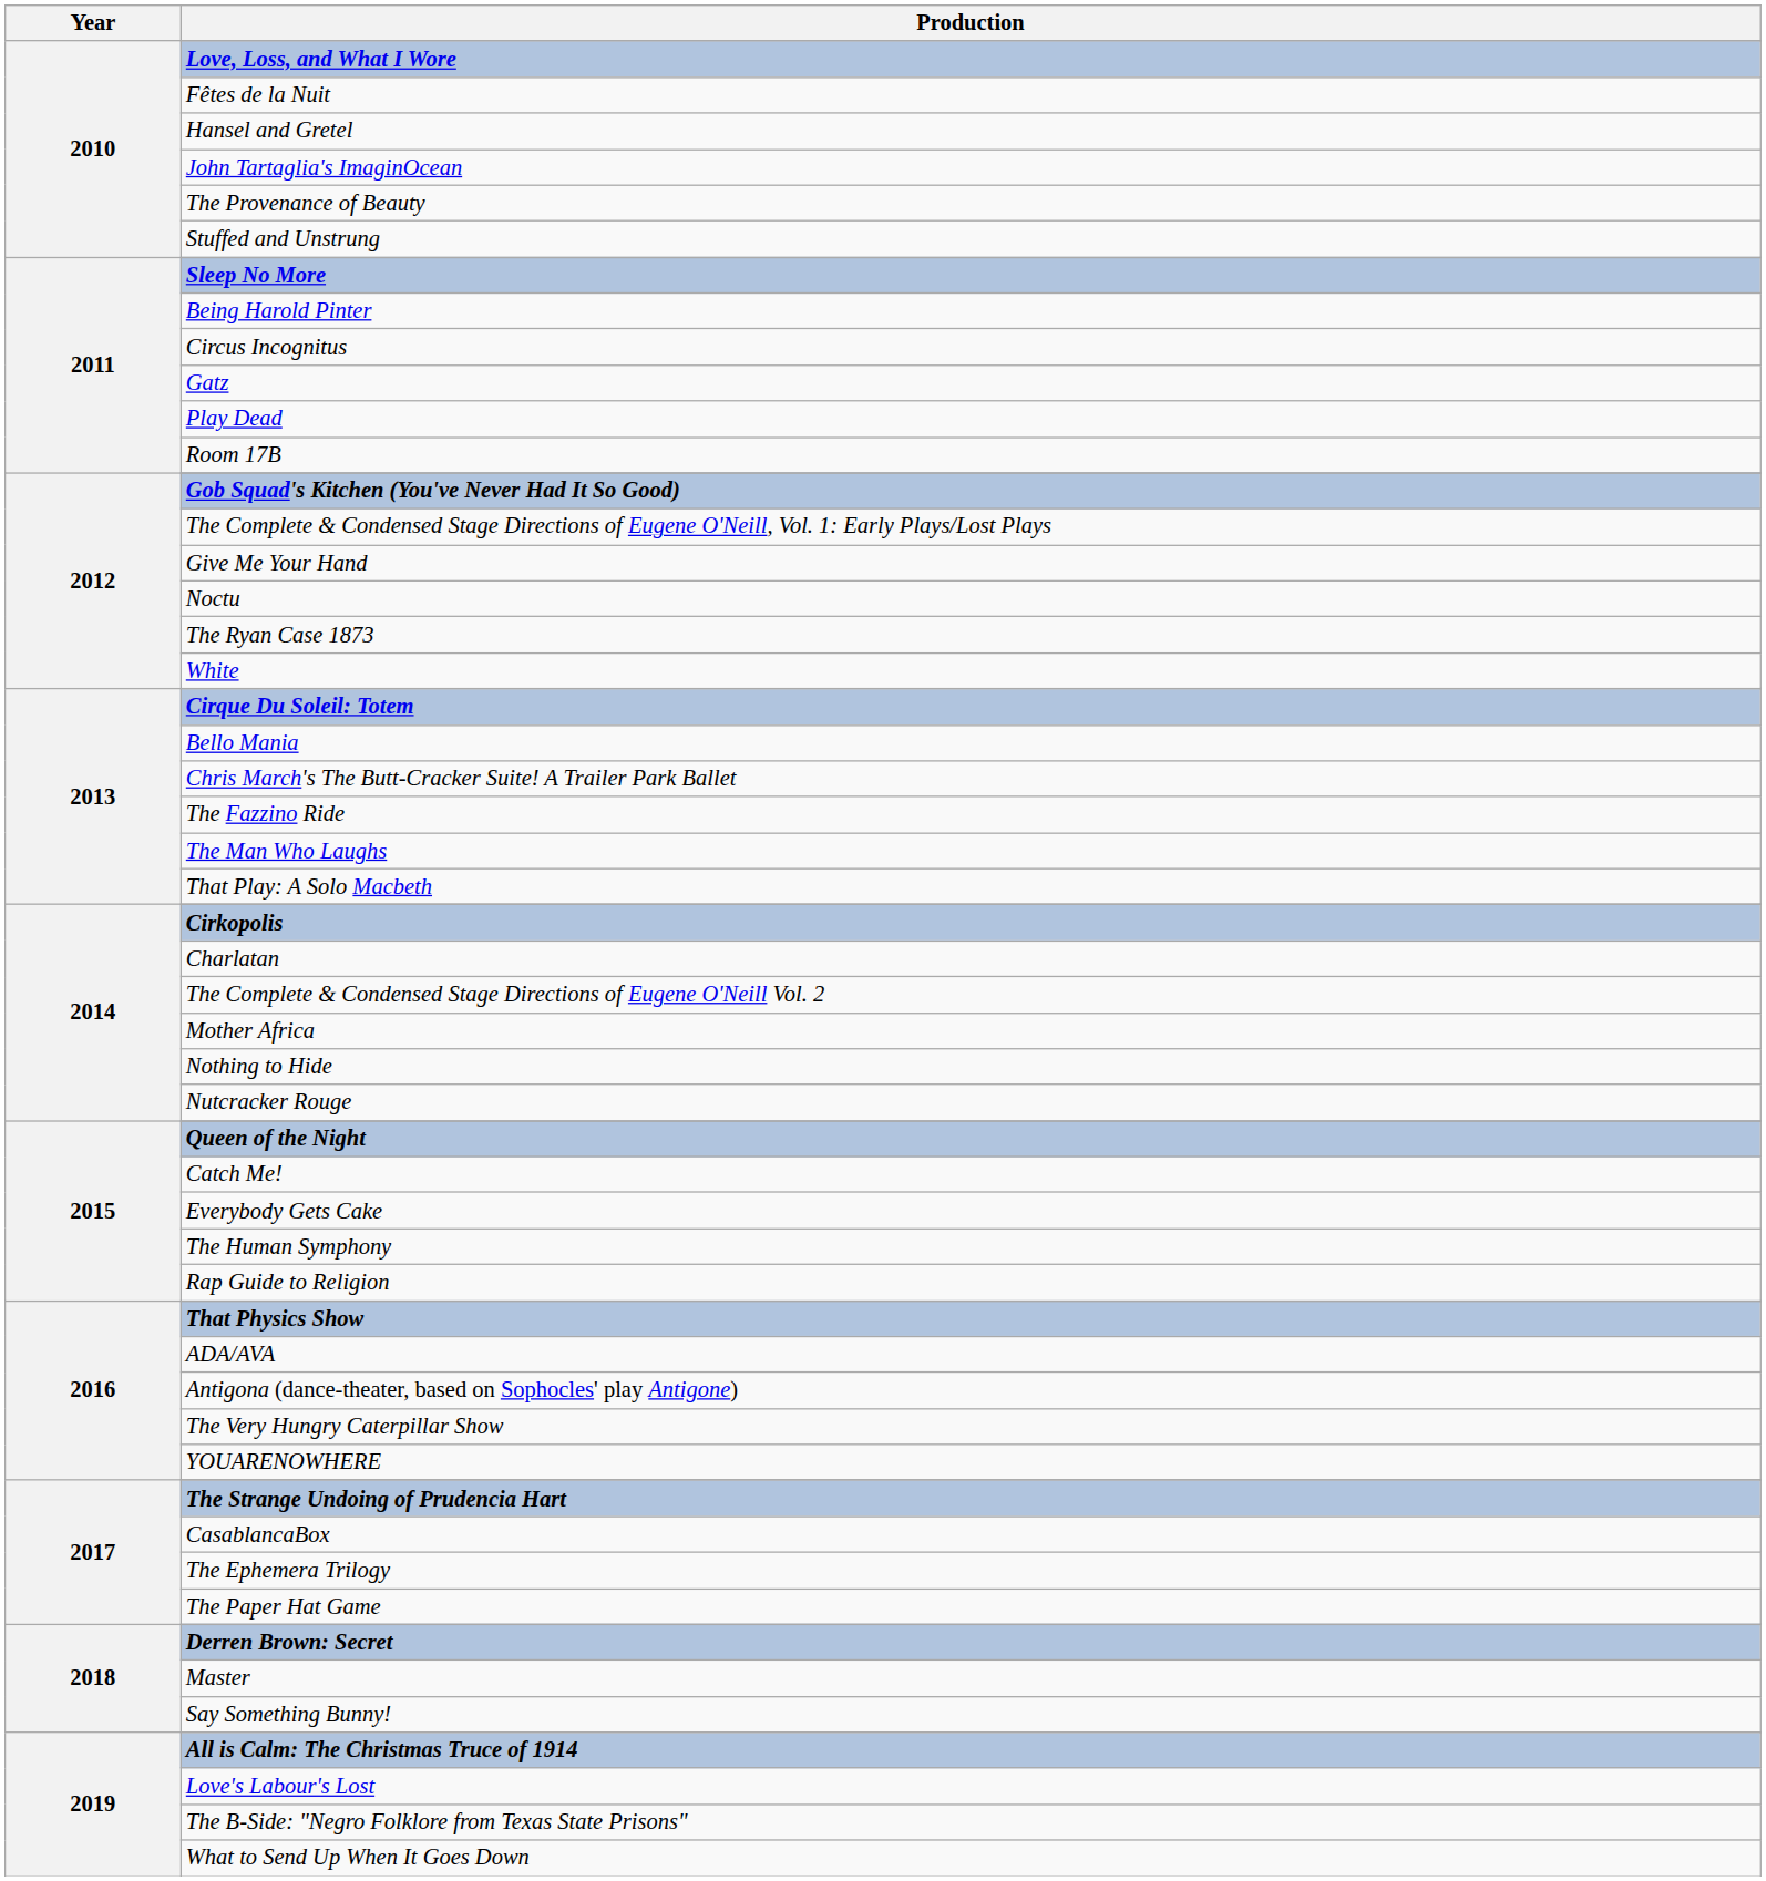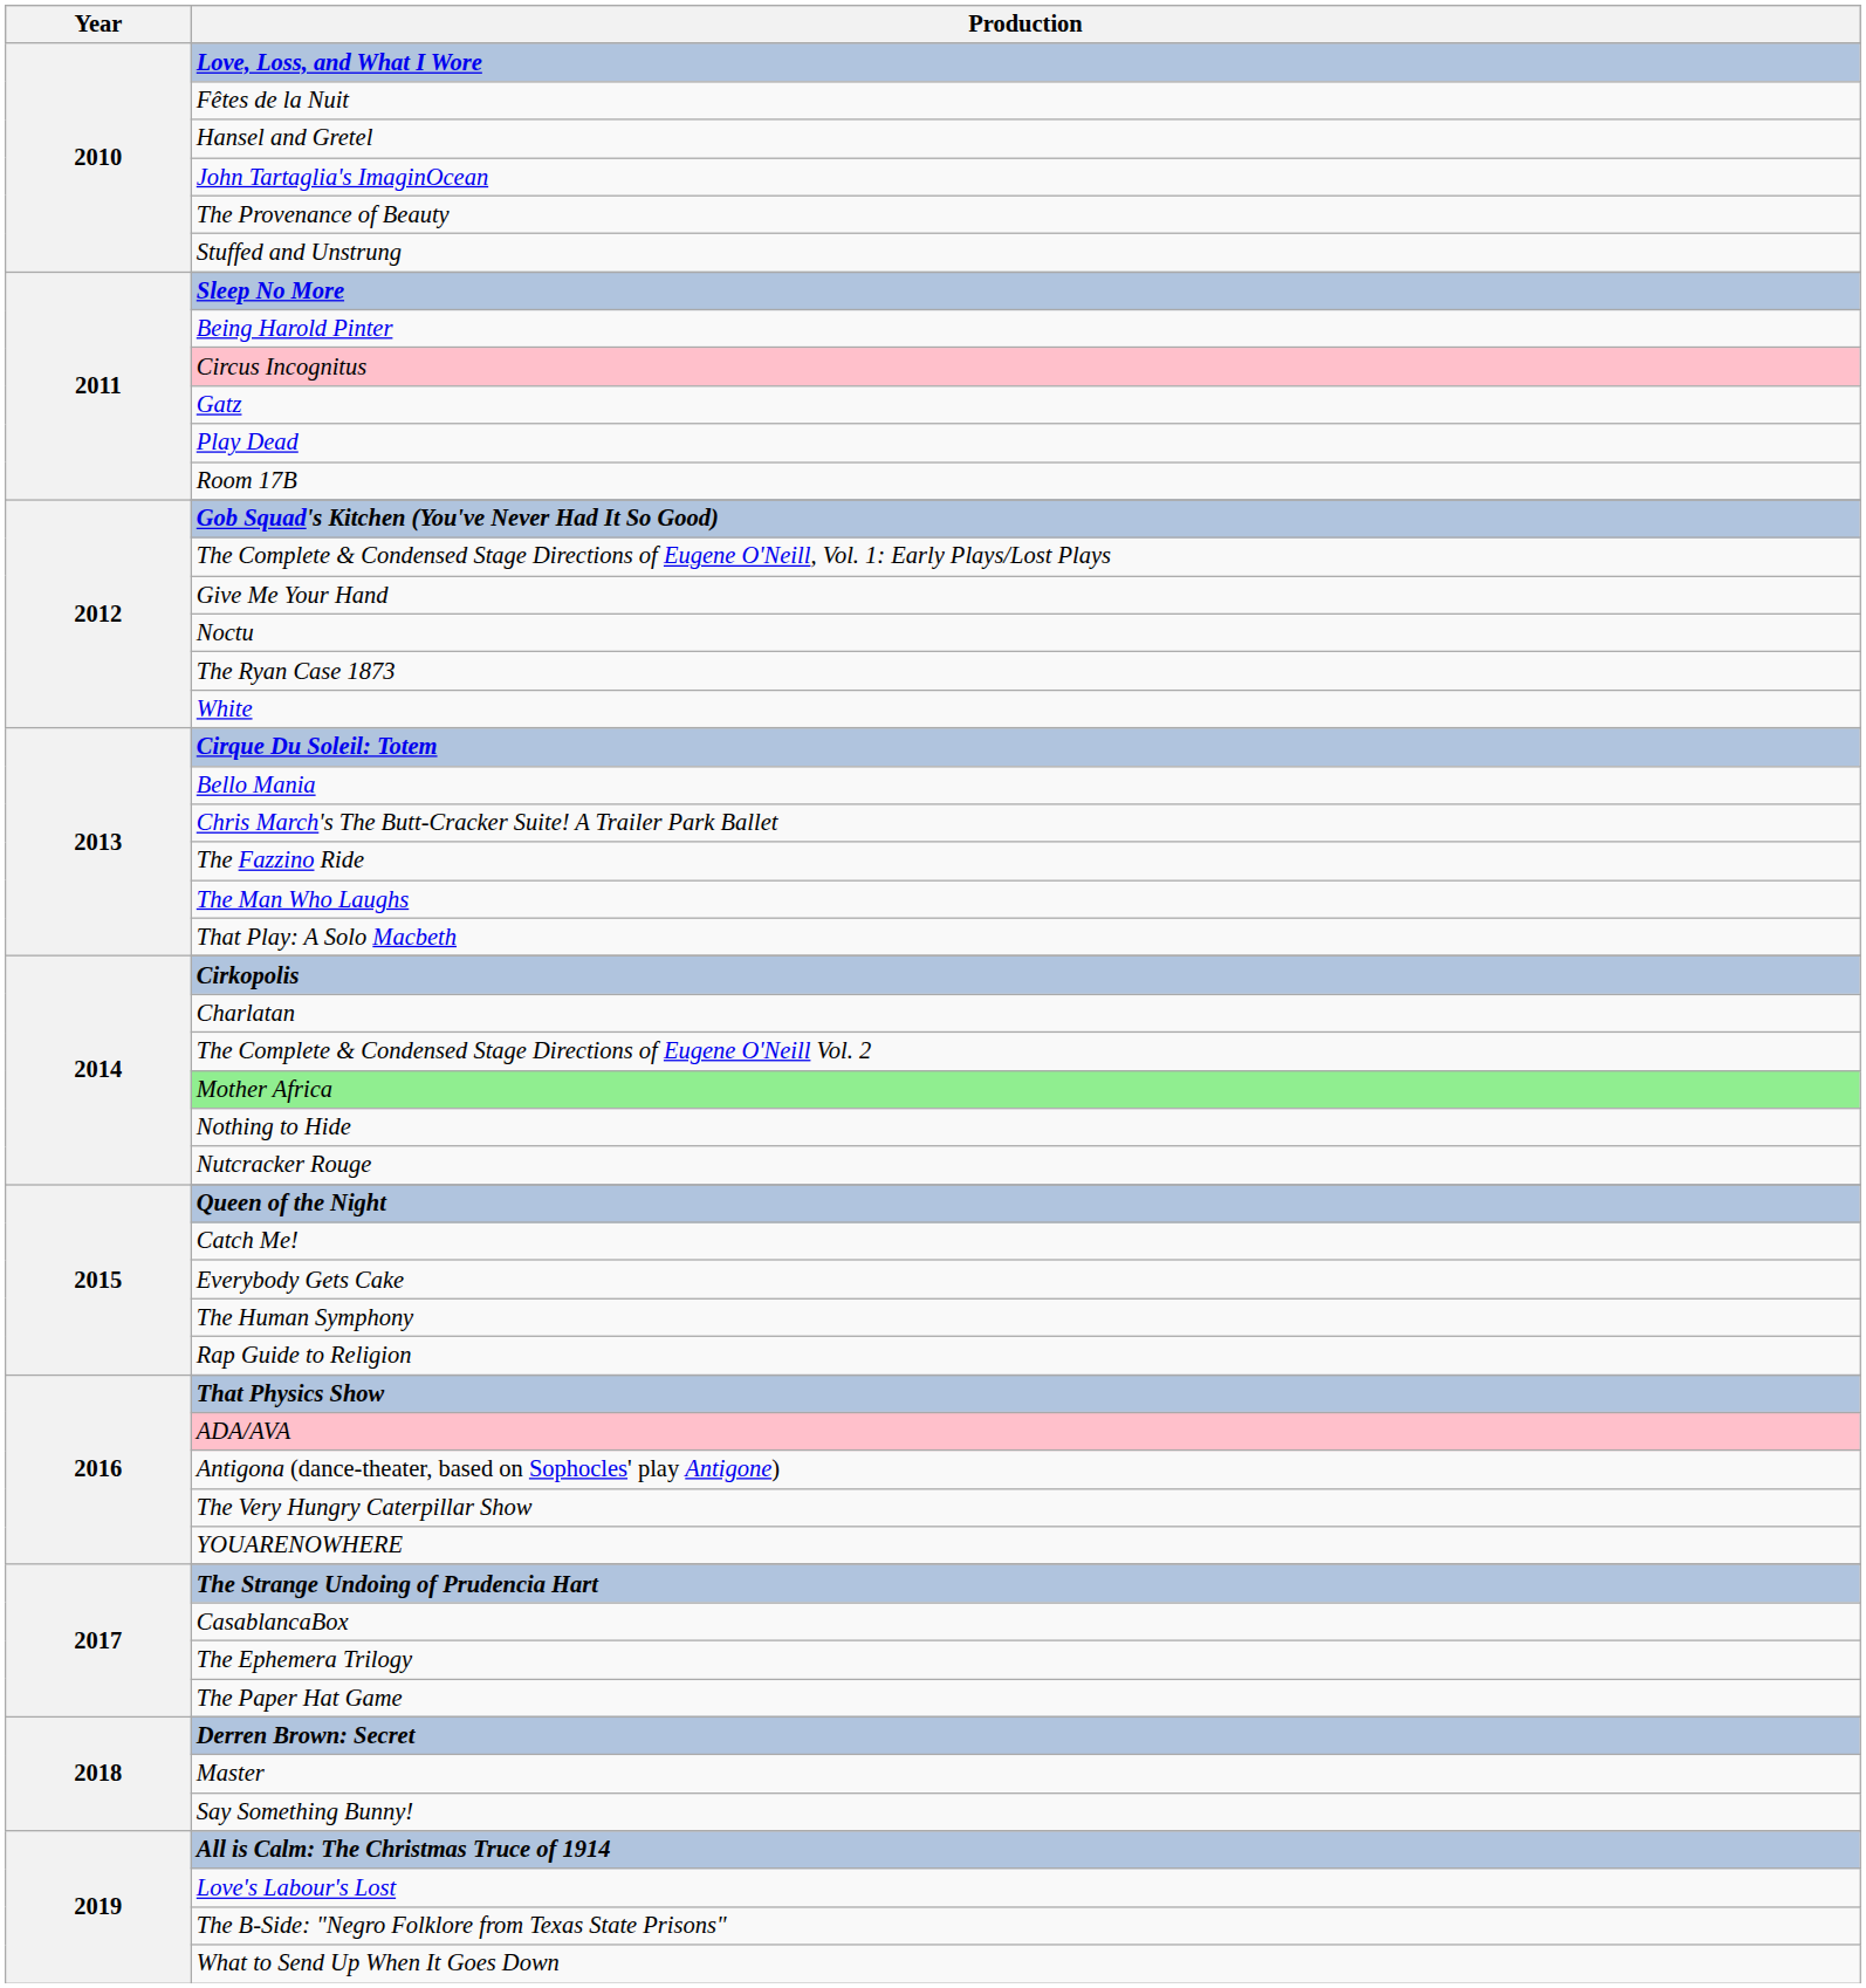 <table class="wikitable" style="width:98%;">
 <tr style="background:#bebebe;">
 <th style="width:10%;">Year</th>
 <th style="width:90%;">Production</th>
 </tr>
 <tr>
 <th rowspan="7">2010</th>
 </tr>
 <tr style="background:#B0C4DE">
 <td><strong><em><a href='#'>Love, Loss, and What I Wore</a></em></strong></td>
 </tr>
 <tr>
 <td><em>Fêtes de la Nuit</em></td>
 </tr>
 <tr>
 <td><em>Hansel and Gretel</em></td>
 </tr>
 <tr>
 <td><em><a href='#'>John Tartaglia's ImaginOcean</a></em></td>
 </tr>
 <tr>
 <td><em>The Provenance of Beauty</em></td>
 </tr>
 <tr>
 <td><em>Stuffed and Unstrung</em></td>
 </tr>
 <tr>
 <th rowspan="7">2011</th>
 </tr>
 <tr style="background:#B0C4DE">
 <td><strong><em><a href='#'>Sleep No More</a></em></strong></td>
 </tr>
 <tr>
 <td><em><a href='#'>Being Harold Pinter</a></em></td>
 </tr>
 <tr>
-<td><em>Circus Incognitus</em></td>
+<td style="background: pink;"><em>Circus Incognitus</em></td>
 </tr>
 <tr>
 <td><em><a href='#'>Gatz</a></em></td>
 </tr>
 <tr>
 <td><em><a href='#'>Play Dead</a></em></td>
 </tr>
 <tr>
 <td><em>Room 17B</em></td>
 </tr>
 <tr>
 <th rowspan="7">2012</th>
 </tr>
 <tr style="background:#B0C4DE">
 <td><strong><em><a href='#'>Gob Squad</a>'s Kitchen (You've Never Had It So Good)</em></strong></td>
 </tr>
 <tr>
 <td><em>The Complete & Condensed Stage Directions of <a href='#'>Eugene O'Neill</a>, Vol. 1: Early Plays/Lost Plays</em></td>
 </tr>
 <tr>
 <td><em>Give Me Your Hand</em></td>
 </tr>
 <tr>
 <td><em>Noctu</em></td>
 </tr>
 <tr>
 <td><em>The Ryan Case 1873</em></td>
 </tr>
 <tr>
 <td><em><a href='#'>White</a></em></td>
 </tr>
 <tr>
 <th rowspan="7">2013</th>
 </tr>
 <tr style="background:#B0C4DE">
 <td><strong><em><a href='#'>Cirque Du Soleil: Totem</a></em></strong></td>
 </tr>
 <tr>
 <td><em><a href='#'>Bello Mania</a></em></td>
 </tr>
 <tr>
 <td><em><a href='#'>Chris March</a>'s The Butt-Cracker Suite! A Trailer Park Ballet</em></td>
 </tr>
 <tr>
 <td><em>The <a href='#'>Fazzino</a> Ride</em></td>
 </tr>
 <tr>
 <td><em><a href='#'>The Man Who Laughs</a></em></td>
 </tr>
 <tr>
 <td><em>That Play: A Solo <a href='#'>Macbeth</a></em></td>
 </tr>
 <tr>
 <th rowspan="7">2014</th>
 </tr>
 <tr style="background:#B0C4DE">
 <td><strong><em>Cirkopolis</em></strong></td>
 </tr>
 <tr>
 <td><em>Charlatan</em></td>
 </tr>
 <tr>
 <td><em>The Complete & Condensed Stage Directions of <a href='#'>Eugene O'Neill</a> Vol. 2</em></td>
 </tr>
 <tr>
-<td><em>Mother Africa</em></td>
+<td style="background: lightgreen;"><em>Mother Africa</em></td>
 </tr>
 <tr>
 <td><em>Nothing to Hide</em></td>
 </tr>
 <tr>
 <td><em>Nutcracker Rouge</em></td>
 </tr>
 <tr>
 <th rowspan="6">2015</th>
 </tr>
 <tr style="background:#B0C4DE">
 <td><strong><em>Queen of the Night</em></strong></td>
 </tr>
 <tr>
 <td><em>Catch Me!</em></td>
 </tr>
 <tr>
 <td><em>Everybody Gets Cake</em></td>
 </tr>
 <tr>
 <td><em>The Human Symphony</em></td>
 </tr>
 <tr>
 <td><em>Rap Guide to Religion</em></td>
 </tr>
 <tr>
 <th rowspan="6">2016</th>
 </tr>
 <tr style="background:#B0C4DE">
 <td><strong><em>That Physics Show</em></strong></td>
 </tr>
 <tr>
-<td><em>ADA/AVA</em></td>
+<td style="background: pink;"><em>ADA/AVA</em></td>
 </tr>
 <tr>
 <td><em>Antigona</em> (dance-theater, based on <a href='#'>Sophocles</a>' play <em><a href='#'>Antigone</a></em>)</td>
 </tr>
 <tr>
 <td><em>The Very Hungry Caterpillar Show</em></td>
 </tr>
 <tr>
 <td><em>YOUARENOWHERE</em></td>
 </tr>
 <tr>
 <th rowspan="5">2017</th>
 </tr>
 <tr style="background:#B0C4DE">
 <td><strong><em>The Strange Undoing of Prudencia Hart</em></strong></td>
 </tr>
 <tr>
 <td><em>CasablancaBox</em></td>
 </tr>
 <tr>
 <td><em>The Ephemera Trilogy</em></td>
 </tr>
 <tr>
 <td><em>The Paper Hat Game</em></td>
 </tr>
 <tr>
 <th rowspan="4">2018</th>
 </tr>
 <tr style="background:#B0C4DE">
 <td><strong><em>Derren Brown: Secret</em></strong></td>
 </tr>
 <tr>
 <td><em>Master</em></td>
 </tr>
 <tr>
 <td><em>Say Something Bunny!</em></td>
 </tr>
 <tr>
 <th rowspan="5">2019</th>
 </tr>
 <tr style="background:#B0C4DE">
 <td><strong><em>All is Calm: The Christmas Truce of 1914</em></strong></td>
 </tr>
 <tr>
 <td><em><a href='#'>Love's Labour's Lost</a></em></td>
 </tr>
 <tr>
 <td><em>The B-Side: "Negro Folklore from Texas State Prisons"</em></td>
 </tr>
 <tr>
 <td><em>What to Send Up When It Goes Down</em></td>
 </tr>
 </table>
